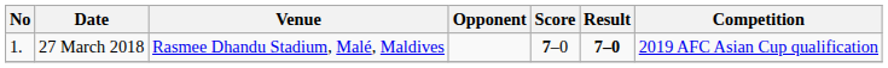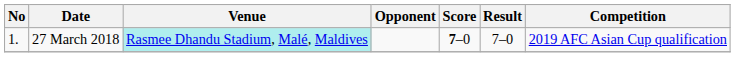 <table class="wikitable" style="font-size:85%;">
 <tr>
 <th>No</th>
 <th>Date</th>
 <th>Venue</th>
 <th>Opponent</th>
 <th>Score</th>
 <th>Result</th>
 <th>Competition</th>
 </tr>
 <tr>
 <td>1.</td>
 <td>27 March 2018</td>
-<td><a href='#'>Rasmee Dhandu Stadium</a>, <a href='#'>Malé</a>, <a href='#'>Maldives</a></td>
+<td style="background: paleturquoise;"><a href='#'>Rasmee Dhandu Stadium</a>, <a href='#'>Malé</a>, <a href='#'>Maldives</a></td>
 <td></td>
 <td align=center><strong>7</strong>–0</td>
-<td align=center><strong>7–0</strong></td>
+<td align=center>7–0</td>
 <td><a href='#'>2019 AFC Asian Cup qualification</a></td>
 </tr>
 <tr>
 </tr>
 </table>
